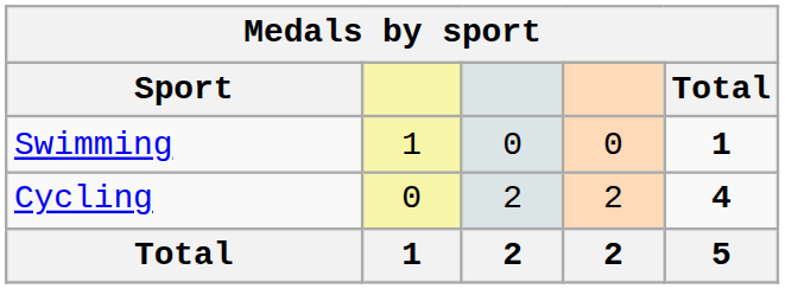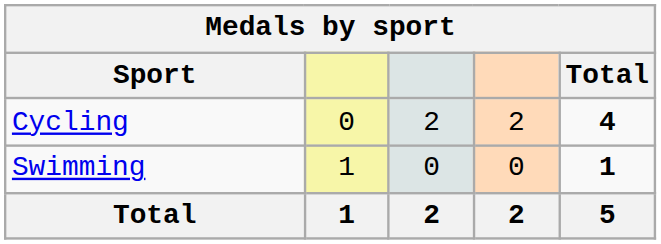 <table class="wikitable" style="font-size:90%; text-align:center;">
 <tr>
 <th colspan=5>Medals by sport</th>
 </tr>
 <tr>
 <th width=120>Sport</th>
 <th scope="col" width=30 style="background:#F7F6A8;"></th>
 <th scope="col" width=30 style="background:#DCE5E5;"></th>
 <th scope="col" width=30 style="background:#FFDAB9;"></th>
 <th width=30>Total</th>
 </tr>
 <tr>
+<td align=left><a href='#'>Cycling</a></td>
+<td style="background:#F7F6A8;">0</td>
+<td style="background:#DCE5E5;">2</td>
+<td style="background:#FFDAB9;">2</td>
+<td><strong>4</strong></td>
+</tr>
+<tr>
 <td align=left><a href='#'>Swimming</a></td>
 <td style="background:#F7F6A8;">1</td>
 <td style="background:#DCE5E5;">0</td>
 <td style="background:#FFDAB9;">0</td>
 <td><strong>1</strong></td>
-</tr>
-<tr>
-<td align=left><a href='#'>Cycling</a></td>
-<td style="background:#F7F6A8;">0</td>
-<td style="background:#DCE5E5;">2</td>
-<td style="background:#FFDAB9;">2</td>
-<td><strong>4</strong></td>
 </tr>
 <tr class="sortbottom">
 <th>Total</th>
 <th>1</th>
 <th>2</th>
 <th>2</th>
 <th>5</th>
 </tr>
 </table>
